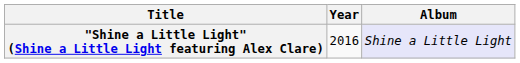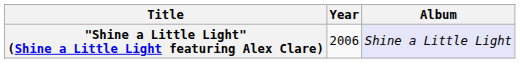 <table class="wikitable plainrowheaders" style="text-align:center;">
 <tr>
 <th>Title</th>
 <th>Year</th>
 <th>Album</th>
 </tr>
 <tr>
 <th scope="row">"Shine a Little Light"<br><span>(<a href='#'>Shine a Little Light</a> featuring Alex Clare)</span></th>
-<td>2016</td>
+<td>2006</td>
 <td style="background: lavender;"><em>Shine a Little Light</em><br></td>
 </tr>
 </table>
